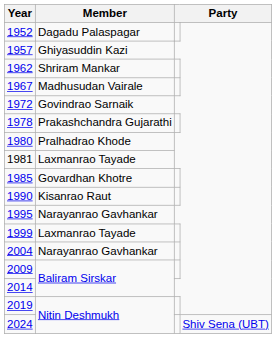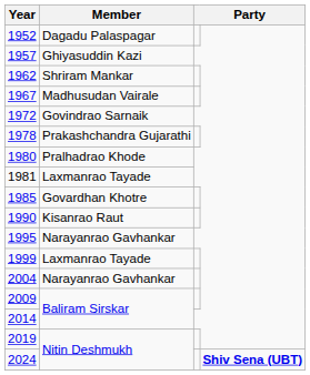 <table class = wikitable>
 <tr>
 <th>Year</th>
 <th>Member</th>
 <th colspan=2>Party</th>
 </tr>
 <tr>
 <td rowspan=2><a href='#'>1952</a></td>
 <td>Dagadu Palaspagar</td>
 <td></td>
 </tr>
 <tr>
 <td rowspan=2>Ghiyasuddin Kazi</td>
 </tr>
 <tr>
 <td><a href='#'>1957</a></td>
 </tr>
 <tr>
 <td><a href='#'>1962</a></td>
 <td>Shriram Mankar</td>
 <td></td>
 </tr>
 <tr>
 <td><a href='#'>1967</a></td>
 <td>Madhusudan Vairale</td>
 <td></td>
 </tr>
 <tr>
 <td><a href='#'>1972</a></td>
 <td>Govindrao Sarnaik</td>
 </tr>
 <tr>
 <td><a href='#'>1978</a></td>
 <td>Prakashchandra Gujarathi</td>
 <td></td>
 </tr>
 <tr>
 <td><a href='#'>1980</a></td>
 <td>Pralhadrao Khode</td>
 </tr>
 <tr>
 <td>1981</td>
 <td>Laxmanrao Tayade</td>
 </tr>
 <tr>
 <td><a href='#'>1985</a></td>
 <td>Govardhan Khotre</td>
 <td></td>
 </tr>
 <tr>
 <td><a href='#'>1990</a></td>
 <td>Kisanrao Raut</td>
 <td></td>
 </tr>
 <tr>
 <td><a href='#'>1995</a></td>
 <td>Narayanrao Gavhankar</td>
 </tr>
 <tr>
 <td><a href='#'>1999</a></td>
 <td>Laxmanrao Tayade</td>
 <td></td>
 </tr>
 <tr>
 <td><a href='#'>2004</a></td>
 <td>Narayanrao Gavhankar</td>
 <td></td>
 </tr>
 <tr>
 <td><a href='#'>2009</a></td>
 <td rowspan=2><a href='#'>Baliram Sirskar</a></td>
 <td></td>
 </tr>
 <tr>
 <td><a href='#'>2014</a></td>
 </tr>
 <tr>
 <td><a href='#'>2019</a></td>
 <td Rowspan=2><a href='#'>Nitin Deshmukh</a></td>
 <td></td>
 </tr>
 <tr>
 <td><a href='#'>2024</a></td>
 <td style="background-color: "></td>
-<td><a href='#'>Shiv Sena (UBT)</a></td>
+<td><strong><a href='#'>Shiv Sena (UBT)</a></strong></td>
 </tr>
 </table>
